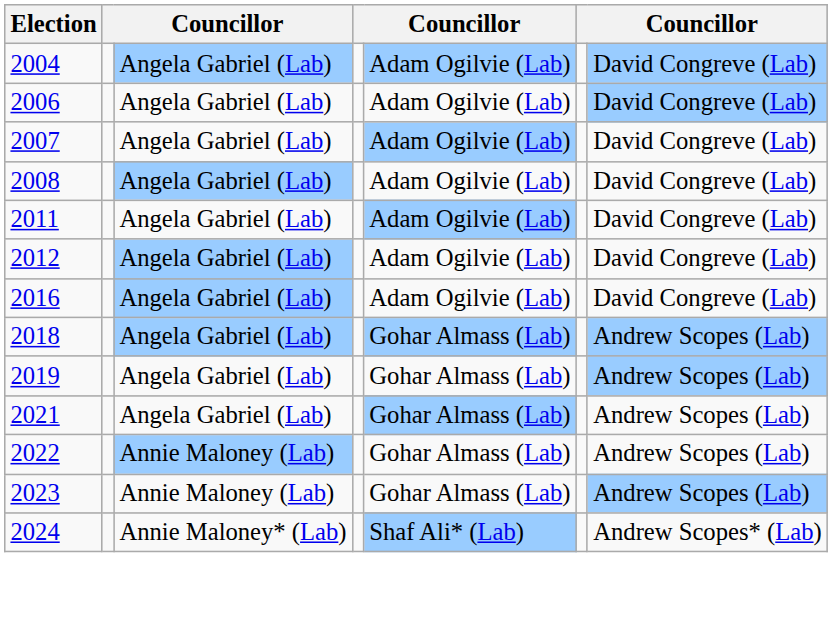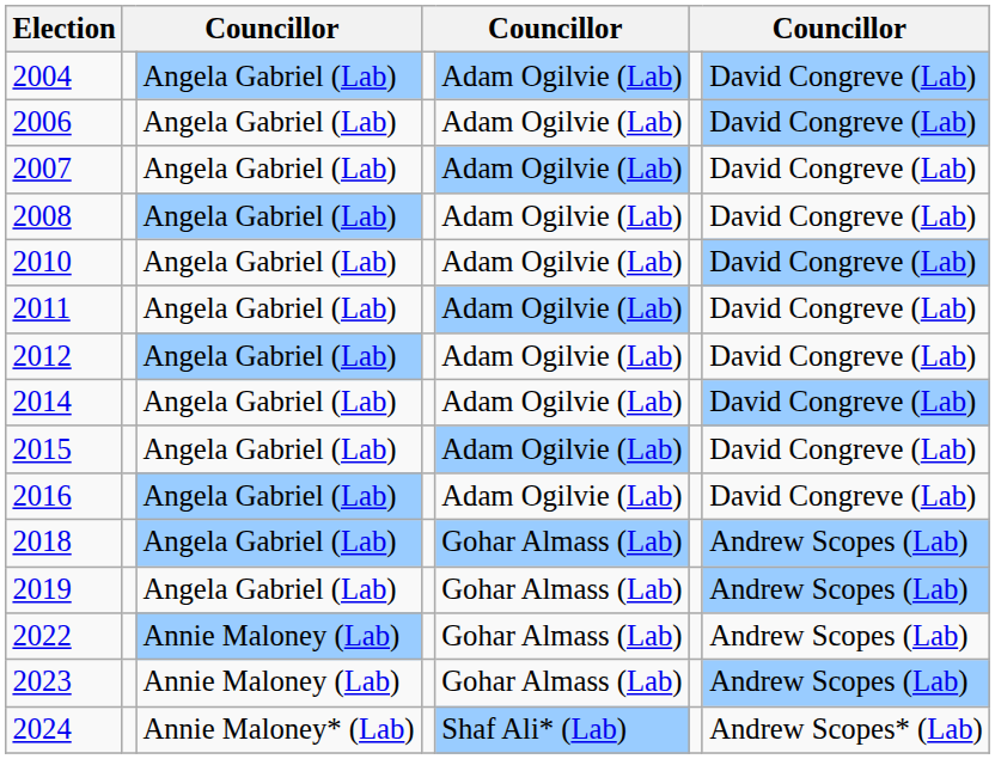 <table class="wikitable">
 <tr>
 <th>Election</th>
 <th colspan="2">Councillor</th>
 <th colspan="2">Councillor</th>
 <th colspan="2">Councillor</th>
 </tr>
 <tr>
 <td><a href='#'>2004</a></td>
 <td style="background-color: "></td>
 <td bgcolor="#99CCFF">Angela Gabriel (<a href='#'>Lab</a>)</td>
 <td style="background-color: "></td>
 <td bgcolor="#99CCFF">Adam Ogilvie (<a href='#'>Lab</a>)</td>
 <td style="background-color: "></td>
 <td bgcolor="#99CCFF">David Congreve (<a href='#'>Lab</a>)</td>
 </tr>
 <tr>
 <td><a href='#'>2006</a></td>
 <td style="background-color: "></td>
 <td>Angela Gabriel (<a href='#'>Lab</a>)</td>
 <td style="background-color: "></td>
 <td>Adam Ogilvie (<a href='#'>Lab</a>)</td>
 <td style="background-color: "></td>
 <td bgcolor="#99CCFF">David Congreve (<a href='#'>Lab</a>)</td>
 </tr>
 <tr>
 <td><a href='#'>2007</a></td>
 <td style="background-color: "></td>
 <td>Angela Gabriel (<a href='#'>Lab</a>)</td>
 <td style="background-color: "></td>
 <td bgcolor="#99CCFF">Adam Ogilvie (<a href='#'>Lab</a>)</td>
 <td style="background-color: "></td>
 <td>David Congreve (<a href='#'>Lab</a>)</td>
 </tr>
 <tr>
 <td><a href='#'>2008</a></td>
 <td style="background-color: "></td>
 <td bgcolor="#99CCFF">Angela Gabriel (<a href='#'>Lab</a>)</td>
 <td style="background-color: "></td>
 <td>Adam Ogilvie (<a href='#'>Lab</a>)</td>
 <td style="background-color: "></td>
 <td>David Congreve (<a href='#'>Lab</a>)</td>
 </tr>
 <tr>
+<td><a href='#'>2010</a></td>
+<td style="background-color: "></td>
+<td>Angela Gabriel (<a href='#'>Lab</a>)</td>
+<td style="background-color: "></td>
+<td>Adam Ogilvie (<a href='#'>Lab</a>)</td>
+<td style="background-color: "></td>
+<td bgcolor="#99CCFF">David Congreve (<a href='#'>Lab</a>)</td>
+</tr>
+<tr>
 <td><a href='#'>2011</a></td>
 <td style="background-color: "></td>
 <td>Angela Gabriel (<a href='#'>Lab</a>)</td>
 <td style="background-color: "></td>
 <td bgcolor="#99CCFF">Adam Ogilvie (<a href='#'>Lab</a>)</td>
 <td style="background-color: "></td>
 <td>David Congreve (<a href='#'>Lab</a>)</td>
 </tr>
 <tr>
 <td><a href='#'>2012</a></td>
 <td style="background-color: "></td>
 <td bgcolor="#99CCFF">Angela Gabriel (<a href='#'>Lab</a>)</td>
 <td style="background-color: "></td>
 <td>Adam Ogilvie (<a href='#'>Lab</a>)</td>
+<td style="background-color: "></td>
+<td>David Congreve (<a href='#'>Lab</a>)</td>
+</tr>
+<tr>
+<td><a href='#'>2014</a></td>
+<td style="background-color: "></td>
+<td>Angela Gabriel (<a href='#'>Lab</a>)</td>
+<td style="background-color: "></td>
+<td>Adam Ogilvie (<a href='#'>Lab</a>)</td>
+<td style="background-color: "></td>
+<td bgcolor="#99CCFF">David Congreve (<a href='#'>Lab</a>)</td>
+</tr>
+<tr>
+<td><a href='#'>2015</a></td>
+<td style="background-color: "></td>
+<td>Angela Gabriel (<a href='#'>Lab</a>)</td>
+<td style="background-color: "></td>
+<td bgcolor="#99CCFF">Adam Ogilvie (<a href='#'>Lab</a>)</td>
 <td style="background-color: "></td>
 <td>David Congreve (<a href='#'>Lab</a>)</td>
 </tr>
 <tr>
 <td><a href='#'>2016</a></td>
 <td style="background-color: "></td>
 <td bgcolor="#99CCFF">Angela Gabriel (<a href='#'>Lab</a>)</td>
 <td style="background-color: "></td>
 <td>Adam Ogilvie (<a href='#'>Lab</a>)</td>
 <td style="background-color: "></td>
 <td>David Congreve (<a href='#'>Lab</a>)</td>
 </tr>
 <tr>
 <td><a href='#'>2018</a></td>
 <td style="background-color: "></td>
 <td bgcolor="#99CCFF">Angela Gabriel (<a href='#'>Lab</a>)</td>
 <td style="background-color: "></td>
 <td bgcolor="#99CCFF">Gohar Almass (<a href='#'>Lab</a>)</td>
 <td style="background-color: "></td>
 <td bgcolor="#99CCFF">Andrew Scopes (<a href='#'>Lab</a>)</td>
 </tr>
 <tr>
 <td><a href='#'>2019</a></td>
 <td style="background-color: "></td>
 <td>Angela Gabriel (<a href='#'>Lab</a>)</td>
 <td style="background-color: "></td>
 <td>Gohar Almass (<a href='#'>Lab</a>)</td>
 <td style="background-color: "></td>
 <td bgcolor="#99CCFF">Andrew Scopes (<a href='#'>Lab</a>)</td>
 </tr>
 <tr>
-<td><a href='#'>2021</a></td>
-<td style="background-color: "></td>
-<td>Angela Gabriel (<a href='#'>Lab</a>)</td>
-<td style="background-color: "></td>
-<td bgcolor="#99CCFF">Gohar Almass (<a href='#'>Lab</a>)</td>
-<td style="background-color: "></td>
-<td>Andrew Scopes (<a href='#'>Lab</a>)</td>
-</tr>
-<tr>
 <td><a href='#'>2022</a></td>
 <td style="background-color: "></td>
 <td bgcolor="#99CCFF">Annie Maloney (<a href='#'>Lab</a>)</td>
 <td style="background-color: "></td>
 <td>Gohar Almass (<a href='#'>Lab</a>)</td>
 <td style="background-color: "></td>
 <td>Andrew Scopes (<a href='#'>Lab</a>)</td>
 </tr>
 <tr>
 <td><a href='#'>2023</a></td>
 <td style="background-color: "></td>
 <td>Annie Maloney (<a href='#'>Lab</a>)</td>
 <td style="background-color: "></td>
 <td>Gohar Almass (<a href='#'>Lab</a>)</td>
 <td style="background-color: "></td>
 <td bgcolor="#99CCFF">Andrew Scopes (<a href='#'>Lab</a>)</td>
 </tr>
 <tr>
 <td><a href='#'>2024</a></td>
 <td style="background-color: "></td>
 <td>Annie Maloney* (<a href='#'>Lab</a>)</td>
 <td style="background-color: "></td>
 <td bgcolor="#99CCFF">Shaf Ali* (<a href='#'>Lab</a>)</td>
 <td style="background-color: "></td>
 <td>Andrew Scopes* (<a href='#'>Lab</a>)</td>
 </tr>
 </table>
